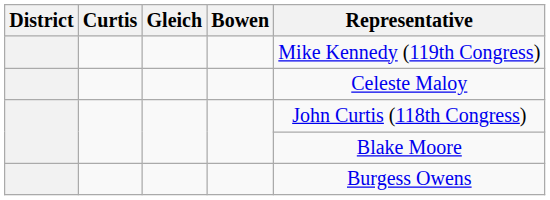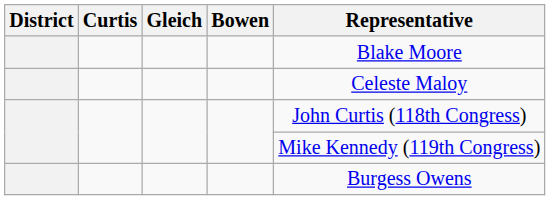 <table class=wikitable>
 <tr>
 <th>District</th>
 <th>Curtis</th>
 <th>Gleich</th>
 <th>Bowen</th>
 <th>Representative</th>
 </tr>
 <tr align=center>
 <th></th>
 <td></td>
 <td></td>
 <td></td>
-<td><a href='#'>Mike Kennedy</a> (<a href='#'>119th Congress</a>)</td>
+<td><a href='#'>Blake Moore</a></td>
 </tr>
 <tr align=center>
 <th></th>
 <td></td>
 <td></td>
 <td></td>
 <td><a href='#'>Celeste Maloy</a></td>
 </tr>
 <tr align=center>
 <th rowspan=2 ></th>
 <td rowspan=2></td>
 <td rowspan=2></td>
 <td rowspan=2></td>
 <td><a href='#'>John Curtis</a> (<a href='#'>118th Congress</a>)</td>
 </tr>
 <tr align=center>
-<td><a href='#'>Blake Moore</a></td>
+<td><a href='#'>Mike Kennedy</a> (<a href='#'>119th Congress</a>)</td>
 </tr>
 <tr align=center>
 <th></th>
 <td></td>
 <td></td>
 <td></td>
 <td><a href='#'>Burgess Owens</a></td>
 </tr>
 </table>
